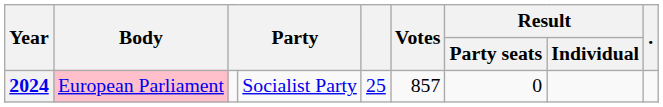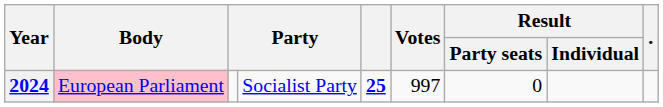 <table class="wikitable plainrowheaders sortable" border=2 cellpadding=4 cellspacing=0 style="border: 1px #aaa solid; font-size: 90%; text-align:center;">
 <tr>
 <th scope="col" rowspan=2>Year</th>
 <th scope="col" rowspan=2>Body</th>
 <th scope="col" colspan=2 rowspan=2>Party</th>
 <th scope="col" rowspan=2></th>
 <th scope="col" rowspan=2>Votes</th>
 <th scope="colgroup" colspan=2>Result</th>
 <th scope="col" rowspan=2>.</th>
 </tr>
 <tr>
 <th scope="col">Party seats</th>
 <th scope="col">Individual</th>
 </tr>
 <tr>
 <th scope="row"><a href='#'>2024</a></th>
 <td style="background: pink;"><a href='#'>European Parliament</a></td>
 <td style="background-color:"></td>
 <td><a href='#'>Socialist Party</a></td>
-<td style=text-align:right><a href='#'>25</a></td>
-<td style=text-align:right>857</td>
+<td style=text-align:right><strong><a href='#'>25</a></strong></td>
+<td style=text-align:right>997</td>
 <td style=text-align:right>0</td>
 <td></td>
 <td></td>
 </tr>
 </table>
